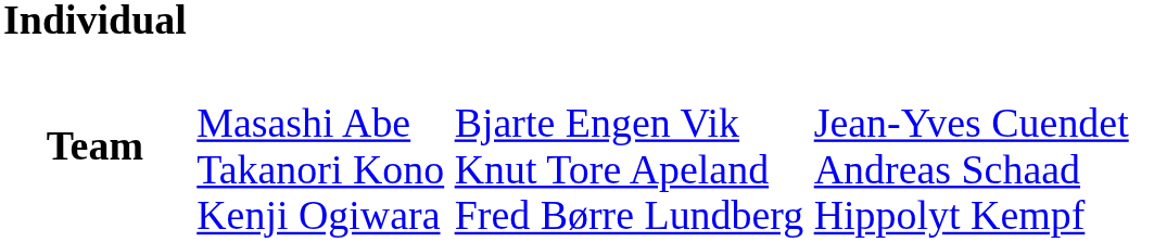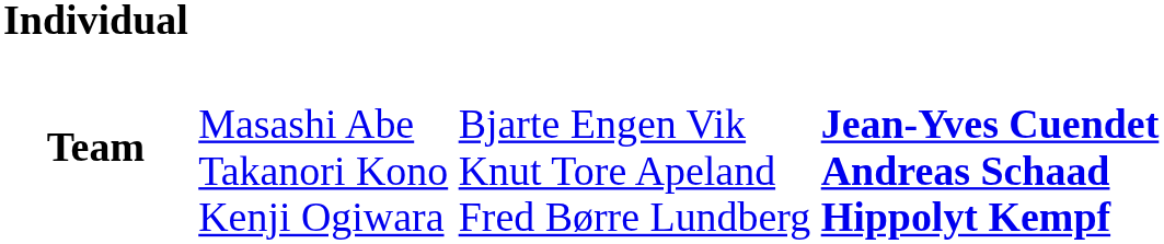 <table>
 <tr>
 <th scope="row">Individual <br></th>
 <td></td>
 <td></td>
 <td></td>
 </tr>
 <tr>
 <th scope="row">Team <br></th>
 <td> <br><a href='#'>Masashi Abe</a><br><a href='#'>Takanori Kono</a><br><a href='#'>Kenji Ogiwara</a></td>
 <td> <br><a href='#'>Bjarte Engen Vik</a><br><a href='#'>Knut Tore Apeland</a><br><a href='#'>Fred Børre Lundberg</a></td>
-<td> <br><a href='#'>Jean-Yves Cuendet</a><br><a href='#'>Andreas Schaad</a><br><a href='#'>Hippolyt Kempf</a></td>
+<td><strong> <br><a href='#'>Jean-Yves Cuendet</a><br><a href='#'>Andreas Schaad</a><br><a href='#'>Hippolyt Kempf</a></strong></td>
 </tr>
 </table>
